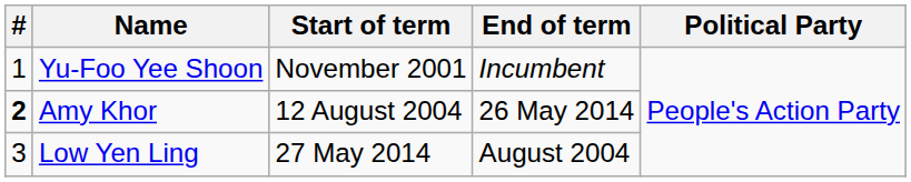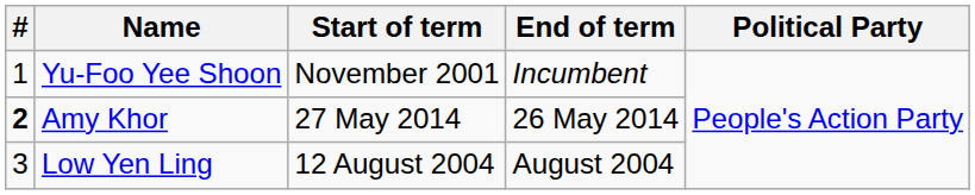 <table class="wikitable sortable">
 <tr>
 <th>#</th>
 <th>Name</th>
 <th>Start of term</th>
 <th>End of term</th>
 <th>Political Party</th>
 </tr>
 <tr>
 <td>1</td>
 <td><a href='#'>Yu-Foo Yee Shoon</a></td>
 <td>November 2001</td>
 <td><em>Incumbent</em></td>
 <td rowspan="3'"><a href='#'>People's Action Party</a></td>
 </tr>
 <tr>
 <td><strong>2</strong></td>
 <td><a href='#'>Amy Khor</a></td>
-<td>12 August 2004</td>
+<td>27 May 2014</td>
 <td>26 May 2014</td>
 </tr>
 <tr>
 <td>3</td>
 <td><a href='#'>Low Yen Ling</a></td>
-<td>27 May 2014</td>
+<td>12 August 2004</td>
 <td>August 2004</td>
 </tr>
 </table>
